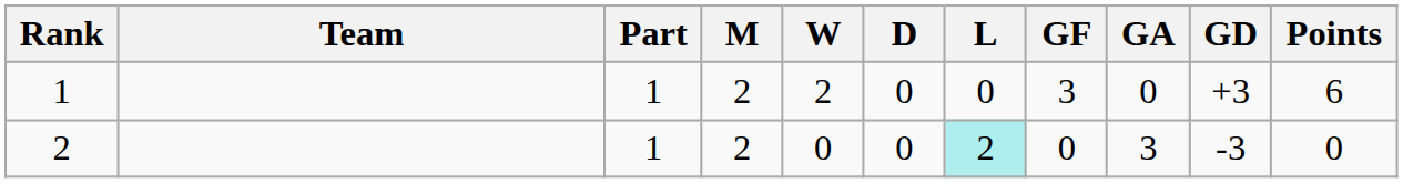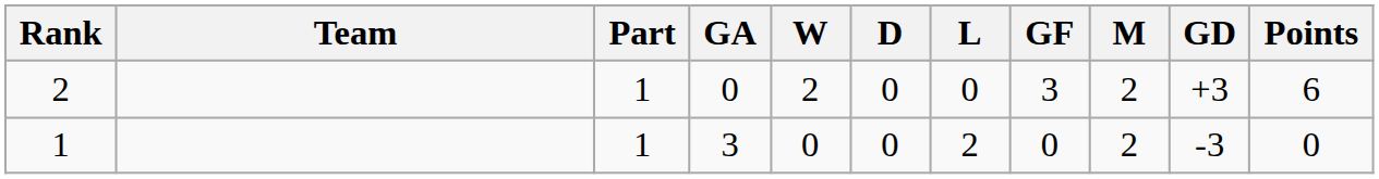 <table class="wikitable sortable" width=70% style="text-align:center">
 <tr>
 <th width=5%>Rank</th>
 <th width=30%>Team</th>
 <th width=5%>Part</th>
-<th width=5%>M</th>
+<th width=5%>GA</th>
 <th width=5%>W</th>
 <th width=5%>D</th>
 <th width=5%>L</th>
 <th width=5%>GF</th>
-<th width=5%>GA</th>
+<th width=5%>M</th>
 <th width=5%>GD</th>
 <th width=5%>Points</th>
+</tr>
+<tr>
+<td>2</td>
+<td style="text-align:left;"></td>
+<td>1</td>
+<td>0</td>
+<td>2</td>
+<td>0</td>
+<td>0</td>
+<td>3</td>
+<td>2</td>
+<td>+3</td>
+<td>6</td>
 </tr>
 <tr>
 <td>1</td>
 <td style="text-align:left;"></td>
 <td>1</td>
-<td>2</td>
+<td>3</td>
+<td>0</td>
+<td>0</td>
 <td>2</td>
 <td>0</td>
-<td>0</td>
-<td>3</td>
-<td>0</td>
-<td>+3</td>
-<td>6</td>
-</tr>
-<tr>
 <td>2</td>
-<td style="text-align:left;"></td>
-<td>1</td>
-<td>2</td>
-<td>0</td>
-<td>0</td>
-<td style="background: paleturquoise;">2</td>
-<td>0</td>
-<td>3</td>
 <td>-3</td>
 <td>0</td>
 </tr>
 </table>
